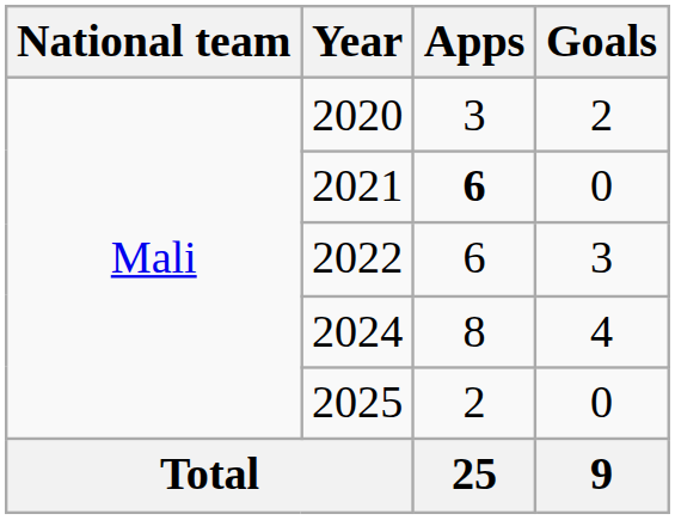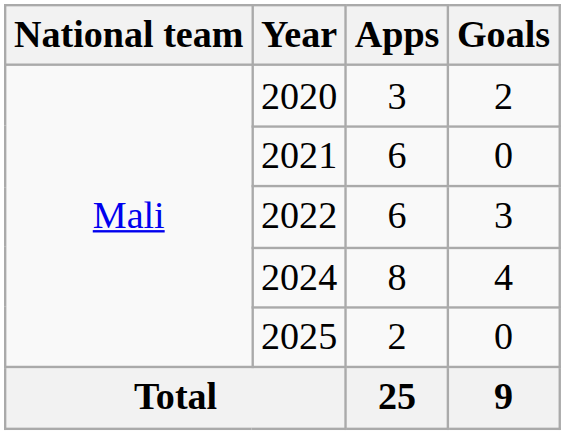 <table class=wikitable style=text-align:center>
 <tr>
 <th>National team</th>
 <th>Year</th>
 <th>Apps</th>
 <th>Goals</th>
 </tr>
 <tr>
 <td rowspan="5"><a href='#'>Mali</a></td>
 <td>2020</td>
 <td>3</td>
 <td>2</td>
 </tr>
 <tr>
 <td>2021</td>
-<td><strong>6</strong></td>
+<td>6</td>
 <td>0</td>
 </tr>
 <tr>
 <td>2022</td>
 <td>6</td>
 <td>3</td>
 </tr>
 <tr>
 <td>2024</td>
 <td>8</td>
 <td>4</td>
 </tr>
 <tr>
 <td>2025</td>
 <td>2</td>
 <td>0</td>
 </tr>
 <tr>
 <th colspan="2">Total</th>
 <th>25</th>
 <th>9</th>
 </tr>
 </table>
